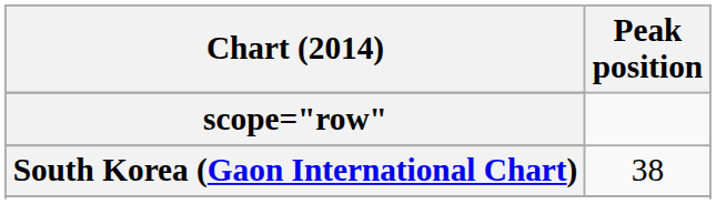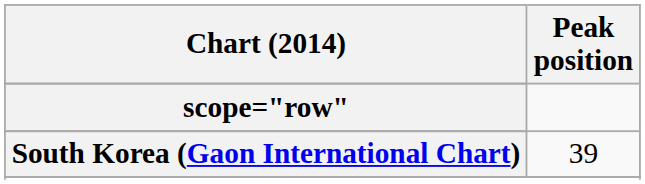 <table class="wikitable sortable plainrowheaders">
 <tr>
 <th>Chart (2014)</th>
 <th>Peak<br>position</th>
 </tr>
 <tr>
 </tr>
 <tr>
 <th>scope="row"</th>
 </tr>
 <tr>
 </tr>
 <tr>
 </tr>
 <tr>
 </tr>
 <tr>
 </tr>
 <tr>
 </tr>
 <tr>
 </tr>
 <tr>
 </tr>
 <tr>
 </tr>
 <tr>
 <th scope="row">South Korea (<a href='#'>Gaon International Chart</a>)</th>
-<td align=center>38</td>
+<td align=center>39</td>
 </tr>
 <tr>
 </tr>
 <tr>
 </tr>
 <tr>
 </tr>
 </table>
